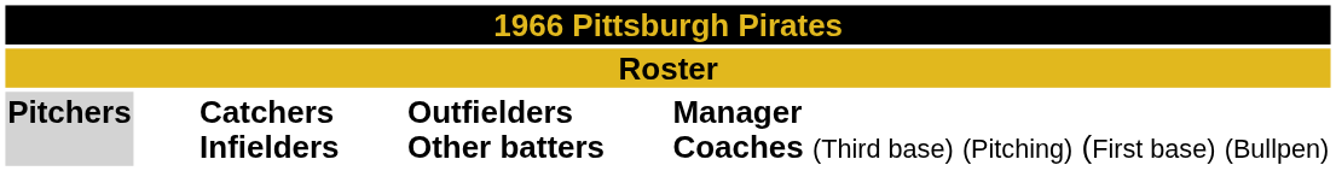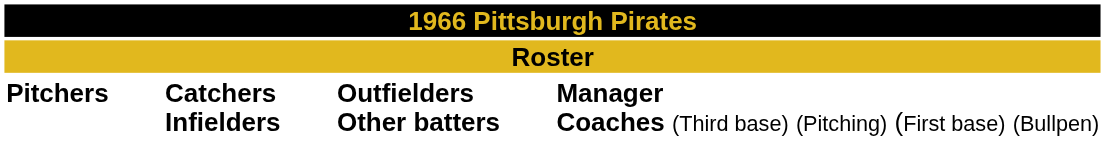 <table class="toccolours" style="font-size: 95%;">
 <tr>
 <th colspan="10" style="background-color: black; color: #e1b81e; text-align: center;">1966 Pittsburgh Pirates</th>
 </tr>
 <tr>
 <td colspan="10" style="background-color: #e1b81e; color: black; text-align: center;"><strong>Roster</strong></td>
 </tr>
 <tr>
-<td valign="top" style="background: lightgrey;"><strong>Pitchers</strong><br>             </td>
+<td valign="top"><strong>Pitchers</strong><br>             </td>
 <td width="25px"></td>
 <td valign="top"><strong>Catchers</strong><br>   <strong>Infielders</strong>        </td>
 <td width="25px"></td>
 <td valign="top"><strong>Outfielders</strong><br>      <strong>Other batters</strong> </td>
 <td width="25px"></td>
 <td valign="top"><strong>Manager</strong><br> <strong>Coaches</strong>  <small>(Third base)</small>  <small>(Pitching)</small>  (<small>First base)</small>  <small>(Bullpen)</small></td>
 </tr>
 </table>
